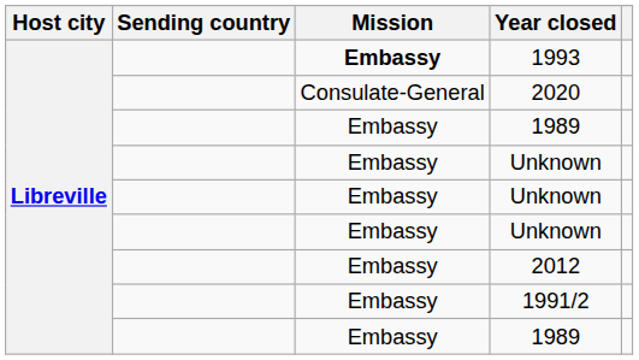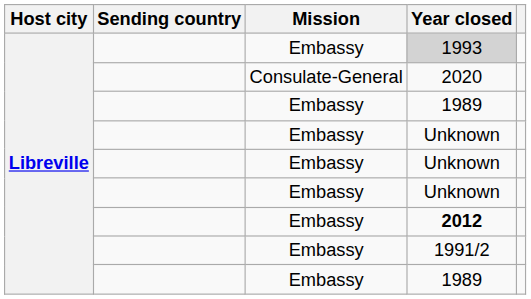 <table class="wikitable plainrowheaders">
 <tr>
 <th scope="col">Host city</th>
 <th scope="col">Sending country</th>
 <th scope="col">Mission</th>
 <th scope="col">Year closed</th>
 <th scope="col"></th>
 </tr>
 <tr>
 <th rowspan="9"><a href='#'>Libreville</a></th>
 <td></td>
-<td style="text-align:center;"><strong>Embassy</strong></td>
-<td style="text-align:center;">1993</td>
+<td style="text-align:center;">Embassy</td>
+<td style="background: lightgrey; text-align:center;">1993</td>
 <td style="text-align:center;"></td>
 </tr>
 <tr>
 <td></td>
 <td style="text-align:center;">Consulate-General</td>
 <td style="text-align:center;">2020</td>
 <td style="text-align:center;"></td>
 </tr>
 <tr>
 <td></td>
 <td style="text-align:center;">Embassy</td>
 <td style="text-align:center;">1989</td>
 <td style="text-align:center;"></td>
 </tr>
 <tr>
 <td></td>
 <td style="text-align:center;">Embassy</td>
 <td style="text-align:center;">Unknown</td>
 <td style="text-align:center;"></td>
 </tr>
 <tr>
 <td></td>
 <td style="text-align:center;">Embassy</td>
 <td style="text-align:center;">Unknown</td>
 <td style="text-align:center;"></td>
 </tr>
 <tr>
 <td></td>
 <td style="text-align:center;">Embassy</td>
 <td style="text-align:center;">Unknown</td>
 <td style="text-align:center;"></td>
 </tr>
 <tr>
 <td></td>
 <td style="text-align:center;">Embassy</td>
-<td style="text-align:center;">2012</td>
+<td style="text-align:center;"><strong>2012</strong></td>
 <td style="text-align:center;"></td>
 </tr>
 <tr>
 <td></td>
 <td style="text-align:center;">Embassy</td>
 <td style="text-align:center;">1991/2</td>
 <td style="text-align:center;"></td>
 </tr>
 <tr>
 <td></td>
 <td style="text-align:center;">Embassy</td>
 <td style="text-align:center;">1989</td>
 <td style="text-align:center;"></td>
 </tr>
 </table>
